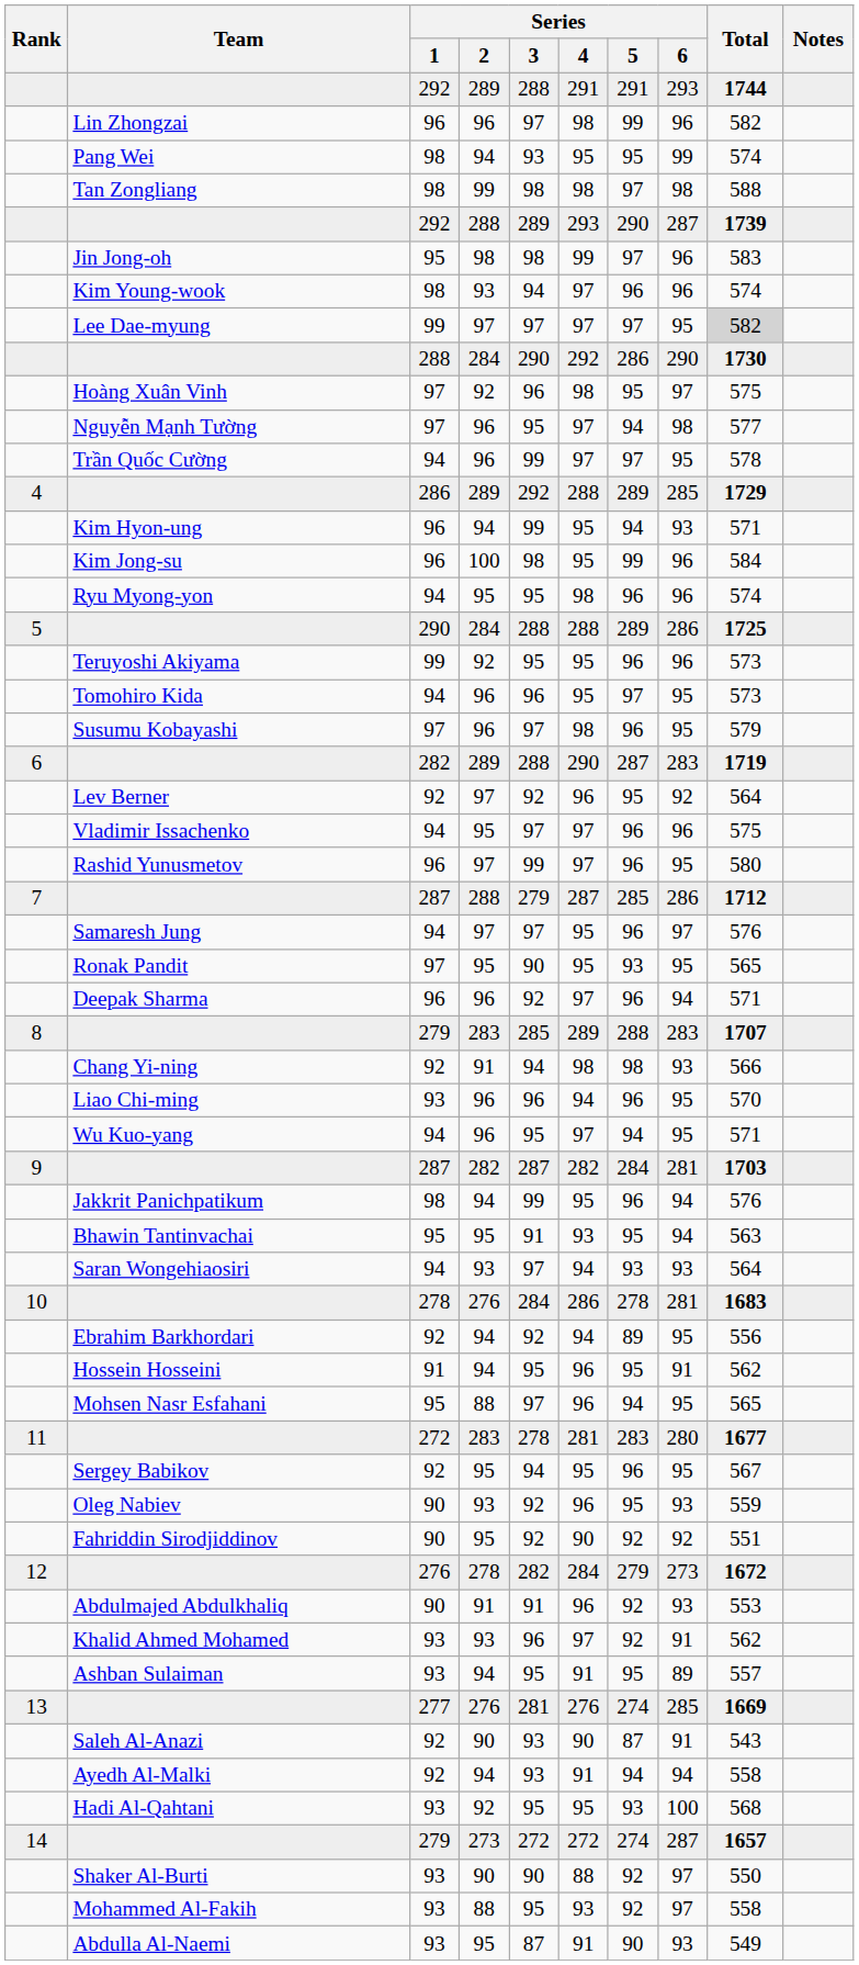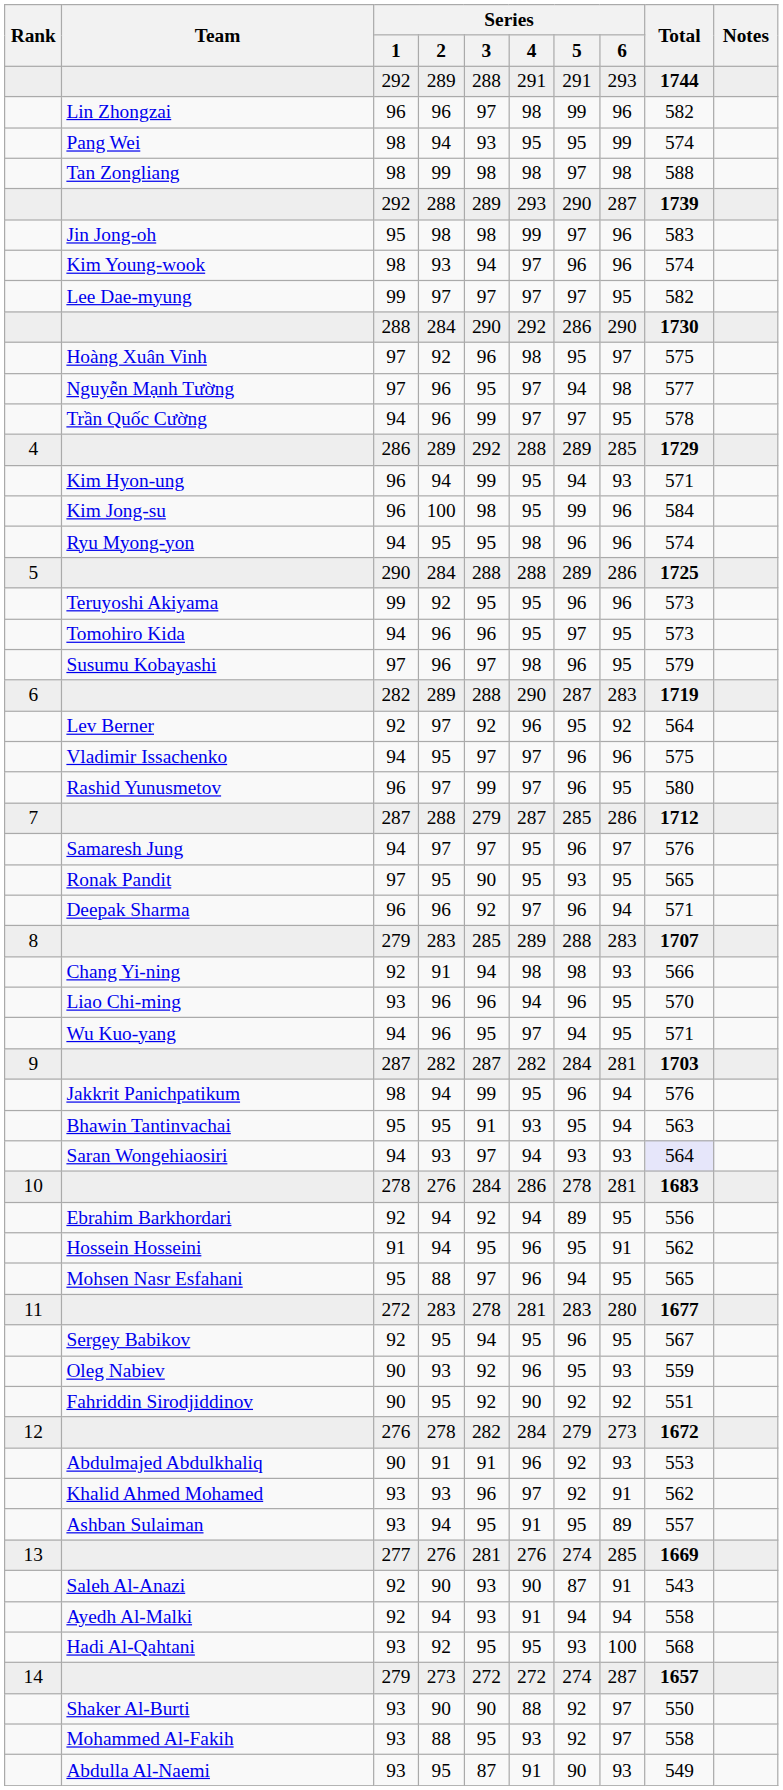 <table class="wikitable" style="text-align:center">
 <tr>
 <th rowspan=2 width=40>Rank</th>
 <th rowspan=2 width=250>Team</th>
 <th colspan=6>Series</th>
 <th rowspan=2 width=50>Total</th>
 <th rowspan=2 width=45>Notes</th>
 </tr>
 <tr>
 <th width=30>1</th>
 <th width=30>2</th>
 <th width=30>3</th>
 <th width=30>4</th>
 <th width=30>5</th>
 <th width=30>6</th>
 </tr>
 <tr bgcolor=eeeeee>
 <td></td>
 <td align=left></td>
 <td>292</td>
 <td>289</td>
 <td>288</td>
 <td>291</td>
 <td>291</td>
 <td>293</td>
 <td><strong>1744</strong></td>
 <td></td>
 </tr>
 <tr>
 <td></td>
 <td align=left><a href='#'>Lin Zhongzai</a></td>
 <td>96</td>
 <td>96</td>
 <td>97</td>
 <td>98</td>
 <td>99</td>
 <td>96</td>
 <td>582</td>
 <td></td>
 </tr>
 <tr>
 <td></td>
 <td align=left><a href='#'>Pang Wei</a></td>
 <td>98</td>
 <td>94</td>
 <td>93</td>
 <td>95</td>
 <td>95</td>
 <td>99</td>
 <td>574</td>
 <td></td>
 </tr>
 <tr>
 <td></td>
 <td align=left><a href='#'>Tan Zongliang</a></td>
 <td>98</td>
 <td>99</td>
 <td>98</td>
 <td>98</td>
 <td>97</td>
 <td>98</td>
 <td>588</td>
 <td></td>
 </tr>
 <tr bgcolor=eeeeee>
 <td></td>
 <td align=left></td>
 <td>292</td>
 <td>288</td>
 <td>289</td>
 <td>293</td>
 <td>290</td>
 <td>287</td>
 <td><strong>1739</strong></td>
 <td></td>
 </tr>
 <tr>
 <td></td>
 <td align=left><a href='#'>Jin Jong-oh</a></td>
 <td>95</td>
 <td>98</td>
 <td>98</td>
 <td>99</td>
 <td>97</td>
 <td>96</td>
 <td>583</td>
 <td></td>
 </tr>
 <tr>
 <td></td>
 <td align=left><a href='#'>Kim Young-wook</a></td>
 <td>98</td>
 <td>93</td>
 <td>94</td>
 <td>97</td>
 <td>96</td>
 <td>96</td>
 <td>574</td>
 <td></td>
 </tr>
 <tr>
 <td></td>
 <td align=left><a href='#'>Lee Dae-myung</a></td>
 <td>99</td>
 <td>97</td>
 <td>97</td>
 <td>97</td>
 <td>97</td>
 <td>95</td>
-<td style="background: lightgrey;">582</td>
+<td>582</td>
 <td></td>
 </tr>
 <tr bgcolor=eeeeee>
 <td></td>
 <td align=left></td>
 <td>288</td>
 <td>284</td>
 <td>290</td>
 <td>292</td>
 <td>286</td>
 <td>290</td>
 <td><strong>1730</strong></td>
 <td></td>
 </tr>
 <tr>
 <td></td>
 <td align=left><a href='#'>Hoàng Xuân Vinh</a></td>
 <td>97</td>
 <td>92</td>
 <td>96</td>
 <td>98</td>
 <td>95</td>
 <td>97</td>
 <td>575</td>
 <td></td>
 </tr>
 <tr>
 <td></td>
 <td align=left><a href='#'>Nguyễn Mạnh Tường</a></td>
 <td>97</td>
 <td>96</td>
 <td>95</td>
 <td>97</td>
 <td>94</td>
 <td>98</td>
 <td>577</td>
 <td></td>
 </tr>
 <tr>
 <td></td>
 <td align=left><a href='#'>Trần Quốc Cường</a></td>
 <td>94</td>
 <td>96</td>
 <td>99</td>
 <td>97</td>
 <td>97</td>
 <td>95</td>
 <td>578</td>
 <td></td>
 </tr>
 <tr bgcolor=eeeeee>
 <td>4</td>
 <td align=left></td>
 <td>286</td>
 <td>289</td>
 <td>292</td>
 <td>288</td>
 <td>289</td>
 <td>285</td>
 <td><strong>1729</strong></td>
 <td></td>
 </tr>
 <tr>
 <td></td>
 <td align=left><a href='#'>Kim Hyon-ung</a></td>
 <td>96</td>
 <td>94</td>
 <td>99</td>
 <td>95</td>
 <td>94</td>
 <td>93</td>
 <td>571</td>
 <td></td>
 </tr>
 <tr>
 <td></td>
 <td align=left><a href='#'>Kim Jong-su</a></td>
 <td>96</td>
 <td>100</td>
 <td>98</td>
 <td>95</td>
 <td>99</td>
 <td>96</td>
 <td>584</td>
 <td></td>
 </tr>
 <tr>
 <td></td>
 <td align=left><a href='#'>Ryu Myong-yon</a></td>
 <td>94</td>
 <td>95</td>
 <td>95</td>
 <td>98</td>
 <td>96</td>
 <td>96</td>
 <td>574</td>
 <td></td>
 </tr>
 <tr bgcolor=eeeeee>
 <td>5</td>
 <td align=left></td>
 <td>290</td>
 <td>284</td>
 <td>288</td>
 <td>288</td>
 <td>289</td>
 <td>286</td>
 <td><strong>1725</strong></td>
 <td></td>
 </tr>
 <tr>
 <td></td>
 <td align=left><a href='#'>Teruyoshi Akiyama</a></td>
 <td>99</td>
 <td>92</td>
 <td>95</td>
 <td>95</td>
 <td>96</td>
 <td>96</td>
 <td>573</td>
 <td></td>
 </tr>
 <tr>
 <td></td>
 <td align=left><a href='#'>Tomohiro Kida</a></td>
 <td>94</td>
 <td>96</td>
 <td>96</td>
 <td>95</td>
 <td>97</td>
 <td>95</td>
 <td>573</td>
 <td></td>
 </tr>
 <tr>
 <td></td>
 <td align=left><a href='#'>Susumu Kobayashi</a></td>
 <td>97</td>
 <td>96</td>
 <td>97</td>
 <td>98</td>
 <td>96</td>
 <td>95</td>
 <td>579</td>
 <td></td>
 </tr>
 <tr bgcolor=eeeeee>
 <td>6</td>
 <td align=left></td>
 <td>282</td>
 <td>289</td>
 <td>288</td>
 <td>290</td>
 <td>287</td>
 <td>283</td>
 <td><strong>1719</strong></td>
 <td></td>
 </tr>
 <tr>
 <td></td>
 <td align=left><a href='#'>Lev Berner</a></td>
 <td>92</td>
 <td>97</td>
 <td>92</td>
 <td>96</td>
 <td>95</td>
 <td>92</td>
 <td>564</td>
 <td></td>
 </tr>
 <tr>
 <td></td>
 <td align=left><a href='#'>Vladimir Issachenko</a></td>
 <td>94</td>
 <td>95</td>
 <td>97</td>
 <td>97</td>
 <td>96</td>
 <td>96</td>
 <td>575</td>
 <td></td>
 </tr>
 <tr>
 <td></td>
 <td align=left><a href='#'>Rashid Yunusmetov</a></td>
 <td>96</td>
 <td>97</td>
 <td>99</td>
 <td>97</td>
 <td>96</td>
 <td>95</td>
 <td>580</td>
 <td></td>
 </tr>
 <tr bgcolor=eeeeee>
 <td>7</td>
 <td align=left></td>
 <td>287</td>
 <td>288</td>
 <td>279</td>
 <td>287</td>
 <td>285</td>
 <td>286</td>
 <td><strong>1712</strong></td>
 <td></td>
 </tr>
 <tr>
 <td></td>
 <td align=left><a href='#'>Samaresh Jung</a></td>
 <td>94</td>
 <td>97</td>
 <td>97</td>
 <td>95</td>
 <td>96</td>
 <td>97</td>
 <td>576</td>
 <td></td>
 </tr>
 <tr>
 <td></td>
 <td align=left><a href='#'>Ronak Pandit</a></td>
 <td>97</td>
 <td>95</td>
 <td>90</td>
 <td>95</td>
 <td>93</td>
 <td>95</td>
 <td>565</td>
 <td></td>
 </tr>
 <tr>
 <td></td>
 <td align=left><a href='#'>Deepak Sharma</a></td>
 <td>96</td>
 <td>96</td>
 <td>92</td>
 <td>97</td>
 <td>96</td>
 <td>94</td>
 <td>571</td>
 <td></td>
 </tr>
 <tr bgcolor=eeeeee>
 <td>8</td>
 <td align=left></td>
 <td>279</td>
 <td>283</td>
 <td>285</td>
 <td>289</td>
 <td>288</td>
 <td>283</td>
 <td><strong>1707</strong></td>
 <td></td>
 </tr>
 <tr>
 <td></td>
 <td align=left><a href='#'>Chang Yi-ning</a></td>
 <td>92</td>
 <td>91</td>
 <td>94</td>
 <td>98</td>
 <td>98</td>
 <td>93</td>
 <td>566</td>
 <td></td>
 </tr>
 <tr>
 <td></td>
 <td align=left><a href='#'>Liao Chi-ming</a></td>
 <td>93</td>
 <td>96</td>
 <td>96</td>
 <td>94</td>
 <td>96</td>
 <td>95</td>
 <td>570</td>
 <td></td>
 </tr>
 <tr>
 <td></td>
 <td align=left><a href='#'>Wu Kuo-yang</a></td>
 <td>94</td>
 <td>96</td>
 <td>95</td>
 <td>97</td>
 <td>94</td>
 <td>95</td>
 <td>571</td>
 <td></td>
 </tr>
 <tr bgcolor=eeeeee>
 <td>9</td>
 <td align=left></td>
 <td>287</td>
 <td>282</td>
 <td>287</td>
 <td>282</td>
 <td>284</td>
 <td>281</td>
 <td><strong>1703</strong></td>
 <td></td>
 </tr>
 <tr>
 <td></td>
 <td align=left><a href='#'>Jakkrit Panichpatikum</a></td>
 <td>98</td>
 <td>94</td>
 <td>99</td>
 <td>95</td>
 <td>96</td>
 <td>94</td>
 <td>576</td>
 <td></td>
 </tr>
 <tr>
 <td></td>
 <td align=left><a href='#'>Bhawin Tantinvachai</a></td>
 <td>95</td>
 <td>95</td>
 <td>91</td>
 <td>93</td>
 <td>95</td>
 <td>94</td>
 <td>563</td>
 <td></td>
 </tr>
 <tr>
 <td></td>
 <td align=left><a href='#'>Saran Wongehiaosiri</a></td>
 <td>94</td>
 <td>93</td>
 <td>97</td>
 <td>94</td>
 <td>93</td>
 <td>93</td>
-<td>564</td>
+<td style="background: lavender;">564</td>
 <td></td>
 </tr>
 <tr bgcolor=eeeeee>
 <td>10</td>
 <td align=left></td>
 <td>278</td>
 <td>276</td>
 <td>284</td>
 <td>286</td>
 <td>278</td>
 <td>281</td>
 <td><strong>1683</strong></td>
 <td></td>
 </tr>
 <tr>
 <td></td>
 <td align=left><a href='#'>Ebrahim Barkhordari</a></td>
 <td>92</td>
 <td>94</td>
 <td>92</td>
 <td>94</td>
 <td>89</td>
 <td>95</td>
 <td>556</td>
 <td></td>
 </tr>
 <tr>
 <td></td>
 <td align=left><a href='#'>Hossein Hosseini</a></td>
 <td>91</td>
 <td>94</td>
 <td>95</td>
 <td>96</td>
 <td>95</td>
 <td>91</td>
 <td>562</td>
 <td></td>
 </tr>
 <tr>
 <td></td>
 <td align=left><a href='#'>Mohsen Nasr Esfahani</a></td>
 <td>95</td>
 <td>88</td>
 <td>97</td>
 <td>96</td>
 <td>94</td>
 <td>95</td>
 <td>565</td>
 <td></td>
 </tr>
 <tr bgcolor=eeeeee>
 <td>11</td>
 <td align=left></td>
 <td>272</td>
 <td>283</td>
 <td>278</td>
 <td>281</td>
 <td>283</td>
 <td>280</td>
 <td><strong>1677</strong></td>
 <td></td>
 </tr>
 <tr>
 <td></td>
 <td align=left><a href='#'>Sergey Babikov</a></td>
 <td>92</td>
 <td>95</td>
 <td>94</td>
 <td>95</td>
 <td>96</td>
 <td>95</td>
 <td>567</td>
 <td></td>
 </tr>
 <tr>
 <td></td>
 <td align=left><a href='#'>Oleg Nabiev</a></td>
 <td>90</td>
 <td>93</td>
 <td>92</td>
 <td>96</td>
 <td>95</td>
 <td>93</td>
 <td>559</td>
 <td></td>
 </tr>
 <tr>
 <td></td>
 <td align=left><a href='#'>Fahriddin Sirodjiddinov</a></td>
 <td>90</td>
 <td>95</td>
 <td>92</td>
 <td>90</td>
 <td>92</td>
 <td>92</td>
 <td>551</td>
 <td></td>
 </tr>
 <tr bgcolor=eeeeee>
 <td>12</td>
 <td align=left></td>
 <td>276</td>
 <td>278</td>
 <td>282</td>
 <td>284</td>
 <td>279</td>
 <td>273</td>
 <td><strong>1672</strong></td>
 <td></td>
 </tr>
 <tr>
 <td></td>
 <td align=left><a href='#'>Abdulmajed Abdulkhaliq</a></td>
 <td>90</td>
 <td>91</td>
 <td>91</td>
 <td>96</td>
 <td>92</td>
 <td>93</td>
 <td>553</td>
 <td></td>
 </tr>
 <tr>
 <td></td>
 <td align=left><a href='#'>Khalid Ahmed Mohamed</a></td>
 <td>93</td>
 <td>93</td>
 <td>96</td>
 <td>97</td>
 <td>92</td>
 <td>91</td>
 <td>562</td>
 <td></td>
 </tr>
 <tr>
 <td></td>
 <td align=left><a href='#'>Ashban Sulaiman</a></td>
 <td>93</td>
 <td>94</td>
 <td>95</td>
 <td>91</td>
 <td>95</td>
 <td>89</td>
 <td>557</td>
 <td></td>
 </tr>
 <tr bgcolor=eeeeee>
 <td>13</td>
 <td align=left></td>
 <td>277</td>
 <td>276</td>
 <td>281</td>
 <td>276</td>
 <td>274</td>
 <td>285</td>
 <td><strong>1669</strong></td>
 <td></td>
 </tr>
 <tr>
 <td></td>
 <td align=left><a href='#'>Saleh Al-Anazi</a></td>
 <td>92</td>
 <td>90</td>
 <td>93</td>
 <td>90</td>
 <td>87</td>
 <td>91</td>
 <td>543</td>
 <td></td>
 </tr>
 <tr>
 <td></td>
 <td align=left><a href='#'>Ayedh Al-Malki</a></td>
 <td>92</td>
 <td>94</td>
 <td>93</td>
 <td>91</td>
 <td>94</td>
 <td>94</td>
 <td>558</td>
 <td></td>
 </tr>
 <tr>
 <td></td>
 <td align=left><a href='#'>Hadi Al-Qahtani</a></td>
 <td>93</td>
 <td>92</td>
 <td>95</td>
 <td>95</td>
 <td>93</td>
 <td>100</td>
 <td>568</td>
 <td></td>
 </tr>
 <tr bgcolor=eeeeee>
 <td>14</td>
 <td align=left></td>
 <td>279</td>
 <td>273</td>
 <td>272</td>
 <td>272</td>
 <td>274</td>
 <td>287</td>
 <td><strong>1657</strong></td>
 <td></td>
 </tr>
 <tr>
 <td></td>
 <td align=left><a href='#'>Shaker Al-Burti</a></td>
 <td>93</td>
 <td>90</td>
 <td>90</td>
 <td>88</td>
 <td>92</td>
 <td>97</td>
 <td>550</td>
 <td></td>
 </tr>
 <tr>
 <td></td>
 <td align=left><a href='#'>Mohammed Al-Fakih</a></td>
 <td>93</td>
 <td>88</td>
 <td>95</td>
 <td>93</td>
 <td>92</td>
 <td>97</td>
 <td>558</td>
 <td></td>
 </tr>
 <tr>
 <td></td>
 <td align=left><a href='#'>Abdulla Al-Naemi</a></td>
 <td>93</td>
 <td>95</td>
 <td>87</td>
 <td>91</td>
 <td>90</td>
 <td>93</td>
 <td>549</td>
 <td></td>
 </tr>
 </table>
